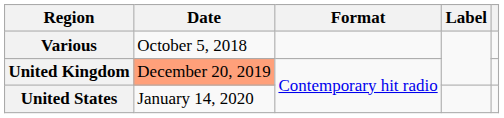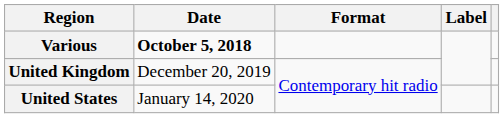 <table class="wikitable plainrowheaders">
 <tr>
 <th scope="col">Region</th>
 <th scope="col">Date</th>
 <th scope="col">Format</th>
 <th scope="col">Label</th>
 <th scope="col"></th>
 </tr>
 <tr>
 <th scope="row">Various</th>
-<td>October 5, 2018</td>
+<td><strong>October 5, 2018</strong></td>
 <td></td>
 <td rowspan="2"></td>
 <td></td>
 </tr>
 <tr>
 <th scope="row">United Kingdom</th>
-<td style="background: lightsalmon;">December 20, 2019</td>
+<td>December 20, 2019</td>
 <td rowspan="2"><a href='#'>Contemporary hit radio</a></td>
 <td></td>
 </tr>
 <tr>
 <th scope="row">United States</th>
 <td>January 14, 2020</td>
 <td></td>
 <td></td>
 </tr>
 </table>
